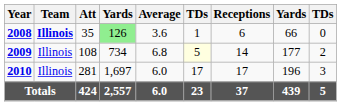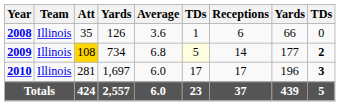 <table class="wikitable" style="text-align:center;">
 <tr>
 <th>Year</th>
 <th>Team</th>
 <th>Att</th>
 <th>Yards</th>
 <th>Average</th>
 <th>TDs</th>
 <th>Receptions</th>
 <th>Yards</th>
 <th>TDs</th>
 </tr>
 <tr>
 <td><strong><a href='#'>2008</a></strong></td>
-<td><strong><a href='#'>Illinois</a></strong></td>
+<td><a href='#'>Illinois</a></td>
 <td>35</td>
-<td style="background: lightgreen;">126</td>
+<td>126</td>
 <td>3.6</td>
 <td>1</td>
 <td>6</td>
 <td>66</td>
 <td>0</td>
 </tr>
 <tr>
 <td><strong><a href='#'>2009</a></strong></td>
 <td><a href='#'>Illinois</a></td>
-<td>108</td>
+<td style="background: gold;">108</td>
 <td>734</td>
 <td>6.8</td>
 <td style="background: lightyellow;">5</td>
 <td>14</td>
 <td>177</td>
-<td>2</td>
+<td><strong>2</strong></td>
 </tr>
 <tr>
 <td><strong><a href='#'>2010</a></strong></td>
 <td><a href='#'>Illinois</a></td>
 <td>281</td>
 <td>1,697</td>
 <td>6.0</td>
 <td>17</td>
 <td>17</td>
 <td>196</td>
-<td>3</td>
+<td><strong>3</strong></td>
 </tr>
 <tr style="background:#555555;font-weight:bold;color:white;">
 <td colspan=2>Totals</td>
 <td>424</td>
 <td>2,557</td>
 <td>6.0</td>
 <td>23</td>
 <td>37</td>
 <td>439</td>
 <td>5</td>
 </tr>
 <tr style="background:#555555;font-weight:bold;color:white;">
 </tr>
 </table>
